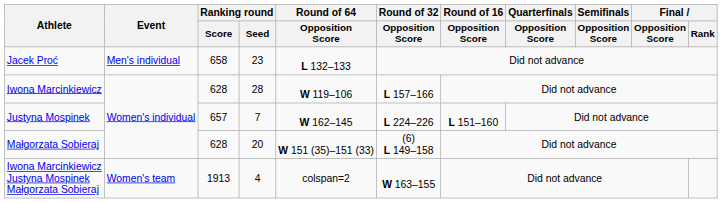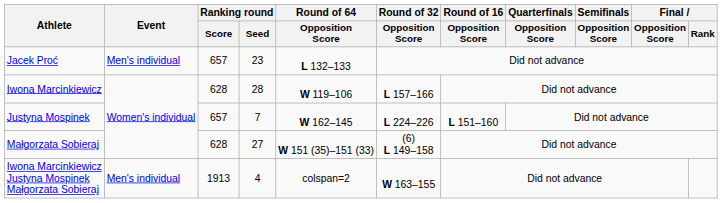 <table class="wikitable" style="font-size:90%">
 <tr>
 <th rowspan="2">Athlete</th>
 <th rowspan="2">Event</th>
 <th colspan="2">Ranking round</th>
 <th>Round of 64</th>
 <th>Round of 32</th>
 <th>Round of 16</th>
 <th>Quarterfinals</th>
 <th>Semifinals</th>
 <th colspan="2">Final / </th>
 </tr>
 <tr style="font-size:95%">
 <th>Score</th>
 <th>Seed</th>
 <th>Opposition<br>Score</th>
 <th>Opposition<br>Score</th>
 <th>Opposition<br>Score</th>
 <th>Opposition<br>Score</th>
 <th>Opposition<br>Score</th>
 <th>Opposition<br>Score</th>
 <th>Rank</th>
 </tr>
 <tr align=center>
 <td align=left><a href='#'>Jacek Proć</a></td>
 <td align=left><a href='#'>Men's individual</a></td>
-<td>658</td>
+<td>657</td>
 <td>23</td>
 <td align=center><br><strong>L</strong> 132–133</td>
 <td colspan=6>Did not advance</td>
 </tr>
 <tr align=center>
 <td align=left><a href='#'>Iwona Marcinkiewicz</a></td>
 <td align=left rowspan=3><a href='#'>Women's individual</a></td>
 <td>628</td>
 <td>28</td>
 <td><br><strong>W</strong> 119–106</td>
 <td><br><strong>L</strong> 157–166</td>
 <td colspan=5>Did not advance</td>
 </tr>
 <tr align=center>
 <td align=left><a href='#'>Justyna Mospinek</a></td>
 <td>657</td>
 <td>7</td>
 <td><br><strong>W</strong> 162–145</td>
 <td><br><strong>L</strong> 224–226</td>
 <td><br><strong>L</strong> 151–160</td>
 <td colspan=4>Did not advance</td>
 </tr>
 <tr align=center>
 <td align=left><a href='#'>Małgorzata Sobieraj</a></td>
 <td>628</td>
-<td>20</td>
+<td>27</td>
 <td><br><strong>W</strong> 151 (35)–151 (33)</td>
 <td> (6)<br><strong>L</strong> 149–158</td>
 <td colspan=5>Did not advance</td>
 </tr>
 <tr align=center>
 <td align=left><a href='#'>Iwona Marcinkiewicz</a><br><a href='#'>Justyna Mospinek</a><br><a href='#'>Małgorzata Sobieraj</a></td>
-<td align=left><a href='#'>Women's team</a></td>
+<td align=left><a href='#'>Men's individual</a></td>
 <td>1913</td>
 <td>4</td>
 <td>colspan=2 </td>
 <td><br><strong>W</strong> 163–155</td>
 <td colspan=4>Did not advance</td>
 </tr>
 </table>
